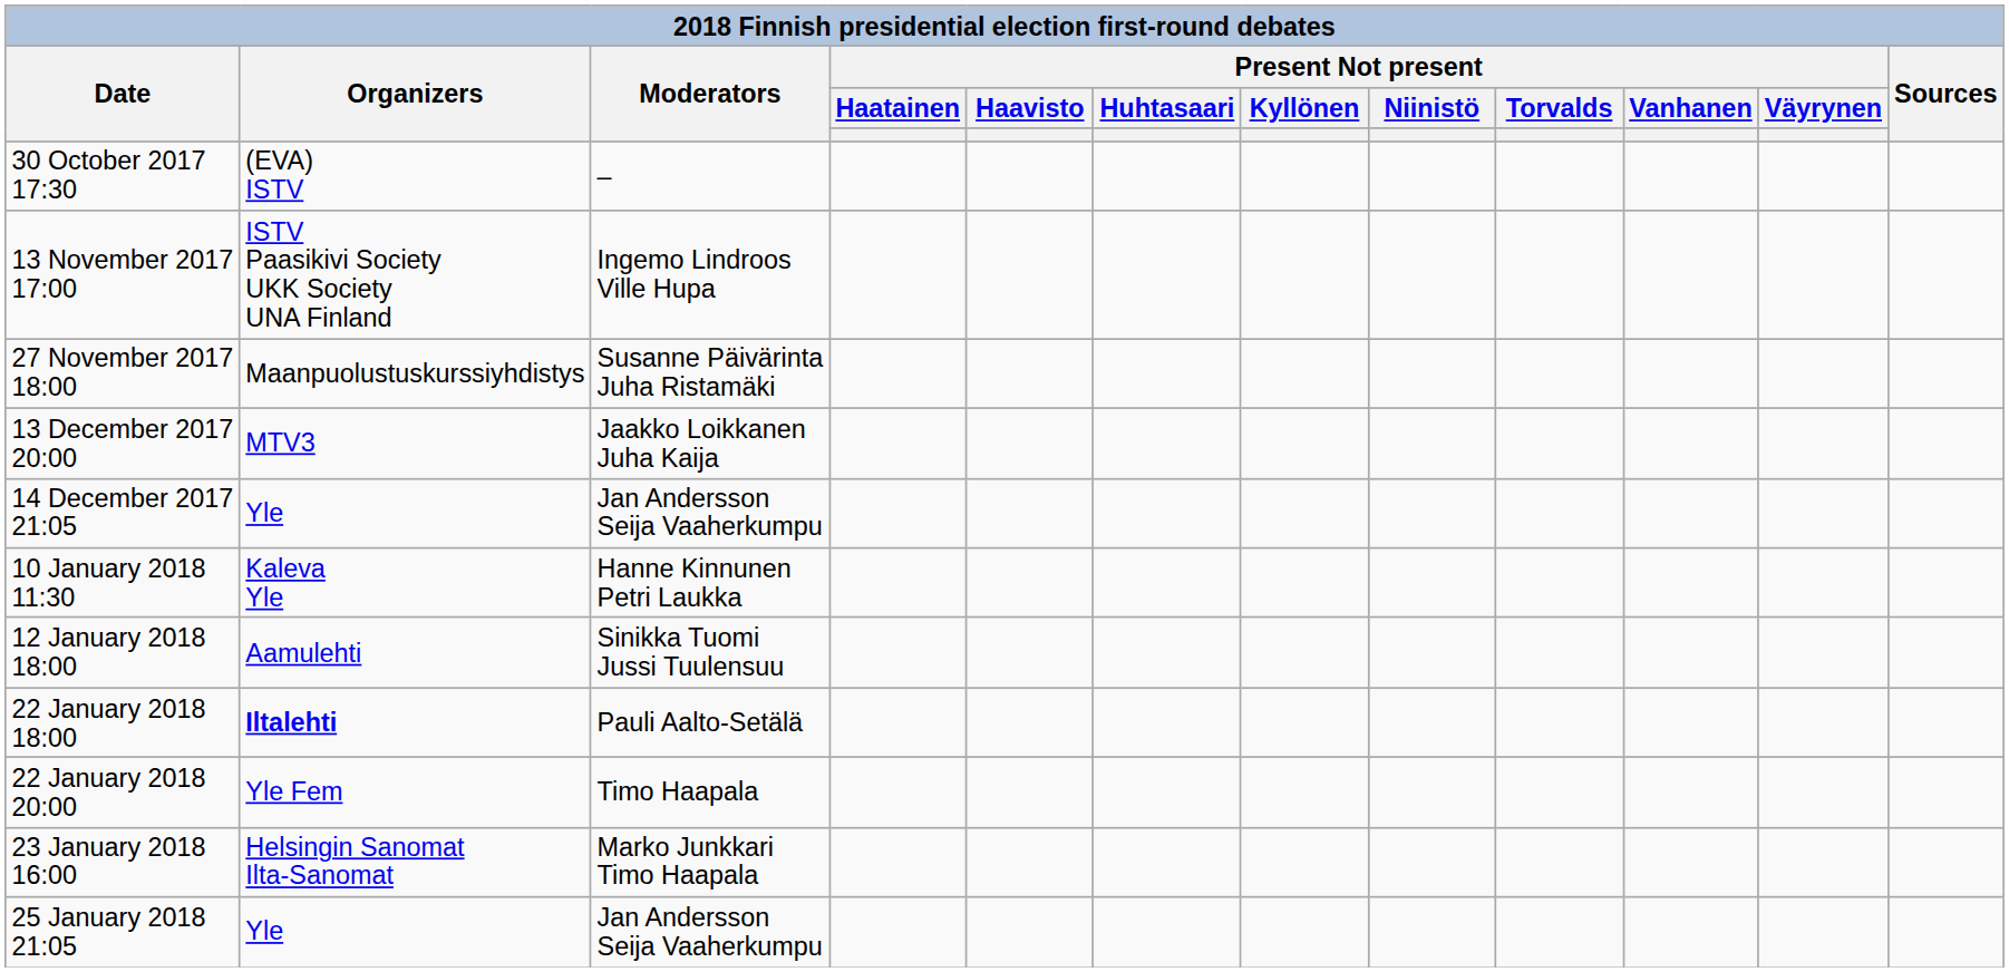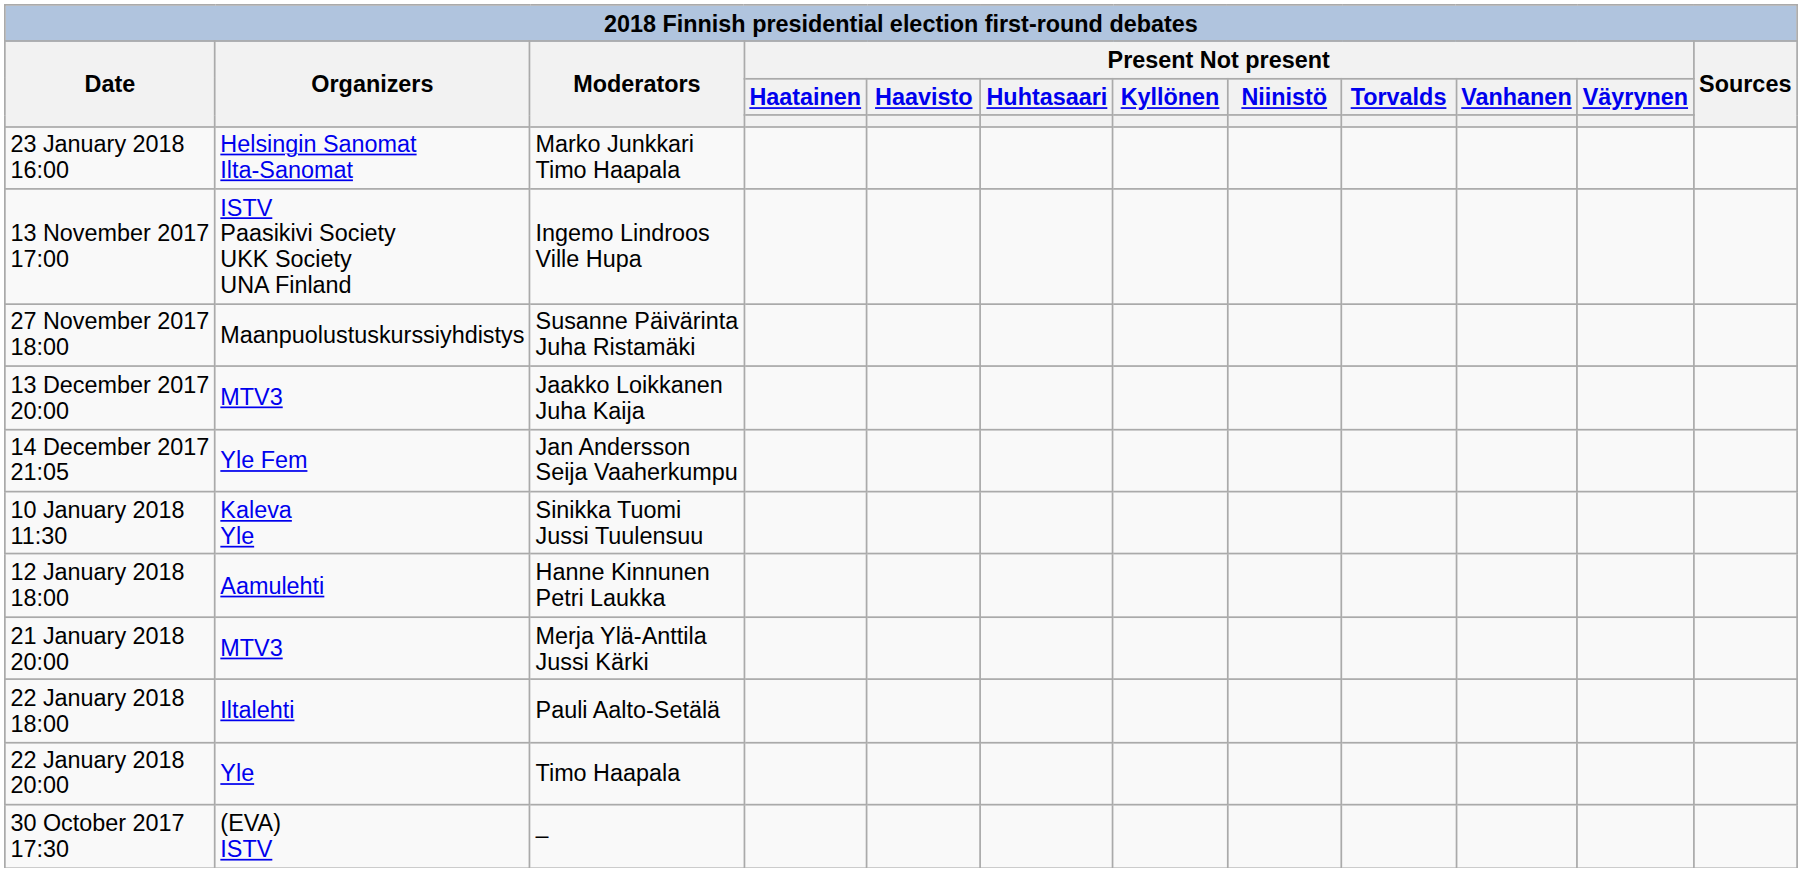 <table class="wikitable collapsible" style="font-size:85%;text-align:center;">
 <tr>
 <th style="background:#B0C4DE;" colspan="12">2018 Finnish presidential election first-round debates</th>
 </tr>
 <tr>
 <th style="white-space:nowrap;" rowspan="3">Date</th>
 <th rowspan="3">Organizers</th>
 <th rowspan="3">Moderators</th>
 <th scope="col" colspan="8"> Present  Not present</th>
 <th rowspan="3">Sources</th>
 </tr>
 <tr>
 <th scope="col" style="width:60px;"><a href='#'>Haatainen</a></th>
 <th scope="col" style="width:60px;"><a href='#'>Haavisto</a></th>
 <th scope="col" style="width:60px;"><a href='#'>Huhtasaari</a></th>
 <th scope="col" style="width:60px;"><a href='#'>Kyllönen</a></th>
 <th scope="col" style="width:60px;"><a href='#'>Niinistö</a></th>
 <th scope="col" style="width:60px;"><a href='#'>Torvalds</a></th>
 <th scope="col" style="width:60px;"><a href='#'>Vanhanen</a></th>
 <th scope="col" style="width:60px;"><a href='#'>Väyrynen</a></th>
 </tr>
 <tr>
 <th style="background:"></th>
 <th style="background:"></th>
 <th style="background:"></th>
 <th style="background:"></th>
 <th style="background:"></th>
 <th style="background:"></th>
 <th style="background:"></th>
 <th style="background:"></th>
 </tr>
 <tr>
-<td style="white-space:nowrap;text-align:left;">30 October 2017<br>17:30</td>
-<td style="white-space:nowrap;text-align:left;"> (EVA)<br><a href='#'>ISTV</a></td>
-<td style="white-space:nowrap;text-align:left;">–</td>
+<td style="white-space:nowrap;text-align:left;">23 January 2018<br>16:00</td>
+<td style="white-space:nowrap;text-align:left;"><a href='#'>Helsingin Sanomat</a><br><a href='#'>Ilta-Sanomat</a></td>
+<td style="white-space:nowrap;text-align:left;">Marko Junkkari<br>Timo Haapala</td>
 <td></td>
 <td></td>
 <td></td>
 <td></td>
 <td></td>
 <td></td>
 <td></td>
 <td></td>
 <td></td>
 </tr>
 <tr>
 <td style="white-space:nowrap;text-align:left;">13 November 2017<br>17:00</td>
 <td style="white-space:nowrap;text-align:left;"><a href='#'>ISTV</a><br>Paasikivi Society<br>UKK Society<br>UNA Finland</td>
 <td style="white-space:nowrap;text-align:left;">Ingemo Lindroos<br>Ville Hupa</td>
 <td></td>
 <td></td>
 <td></td>
 <td></td>
 <td></td>
 <td></td>
 <td></td>
 <td></td>
 <td></td>
 </tr>
 <tr>
 <td style="white-space:nowrap;text-align:left;">27 November 2017<br>18:00</td>
 <td style="white-space:nowrap;text-align:left;">Maanpuolustuskurssiyhdistys</td>
 <td style="white-space:nowrap;text-align:left;">Susanne Päivärinta<br>Juha Ristamäki</td>
 <td></td>
 <td></td>
 <td></td>
 <td></td>
 <td></td>
 <td></td>
 <td></td>
 <td></td>
 <td></td>
 </tr>
 <tr>
 <td style="white-space:nowrap;text-align:left;">13 December 2017<br>20:00</td>
 <td style="white-space:nowrap;text-align:left;"><a href='#'>MTV3</a></td>
 <td style="white-space:nowrap;text-align:left;">Jaakko Loikkanen <br> Juha Kaija</td>
 <td></td>
 <td></td>
 <td></td>
 <td></td>
 <td></td>
 <td></td>
 <td></td>
 <td></td>
 <td></td>
 </tr>
 <tr>
 <td style="white-space:nowrap;text-align:left;">14 December 2017<br>21:05</td>
-<td style="white-space:nowrap;text-align:left;"><a href='#'>Yle</a></td>
+<td style="white-space:nowrap;text-align:left;"><a href='#'>Yle Fem</a></td>
 <td style="white-space:nowrap;text-align:left;">Jan Andersson<br>Seija Vaaherkumpu</td>
 <td></td>
 <td></td>
 <td></td>
 <td></td>
 <td></td>
 <td></td>
 <td></td>
 <td></td>
 <td></td>
 </tr>
 <tr>
 <td style="white-space:nowrap;text-align:left;">10 January 2018<br>11:30</td>
 <td style="white-space:nowrap;text-align:left;"><a href='#'>Kaleva</a><br><a href='#'>Yle</a></td>
-<td style="white-space:nowrap;text-align:left;">Hanne Kinnunen <br> Petri Laukka</td>
+<td style="white-space:nowrap;text-align:left;">Sinikka Tuomi<br>Jussi Tuulensuu</td>
 <td></td>
 <td></td>
 <td></td>
 <td></td>
 <td></td>
 <td></td>
 <td></td>
 <td></td>
 <td></td>
 </tr>
 <tr>
 <td style="white-space:nowrap;text-align:left;">12 January 2018<br>18:00</td>
 <td style="white-space:nowrap;text-align:left;"><a href='#'>Aamulehti</a></td>
-<td style="white-space:nowrap;text-align:left;">Sinikka Tuomi<br>Jussi Tuulensuu</td>
+<td style="white-space:nowrap;text-align:left;">Hanne Kinnunen <br> Petri Laukka</td>
+<td></td>
+<td></td>
+<td></td>
+<td></td>
+<td></td>
+<td></td>
+<td></td>
+<td></td>
+<td></td>
+</tr>
+<tr>
+<td style="white-space:nowrap;text-align:left;">21 January 2018<br>20:00</td>
+<td style="white-space:nowrap;text-align:left;"><a href='#'>MTV3</a></td>
+<td style="white-space:nowrap;text-align:left;">Merja Ylä-Anttila<br>Jussi Kärki</td>
 <td></td>
 <td></td>
 <td></td>
 <td></td>
 <td></td>
 <td></td>
 <td></td>
 <td></td>
 <td></td>
 </tr>
 <tr>
 <td style="white-space:nowrap;text-align:left;">22 January 2018<br>18:00</td>
-<td style="white-space:nowrap;text-align:left;"><strong><a href='#'>Iltalehti</a></strong></td>
+<td style="white-space:nowrap;text-align:left;"><a href='#'>Iltalehti</a></td>
 <td style="white-space:nowrap;text-align:left;">Pauli Aalto-Setälä</td>
 <td></td>
 <td></td>
 <td></td>
 <td></td>
 <td></td>
 <td></td>
 <td></td>
 <td></td>
 <td></td>
 </tr>
 <tr>
 <td style="white-space:nowrap;text-align:left;">22 January 2018<br>20:00</td>
-<td style="white-space:nowrap;text-align:left;"><a href='#'>Yle Fem</a></td>
+<td style="white-space:nowrap;text-align:left;"><a href='#'>Yle</a></td>
 <td style="white-space:nowrap;text-align:left;">Timo Haapala</td>
 <td></td>
 <td></td>
 <td></td>
 <td></td>
 <td></td>
 <td></td>
 <td></td>
 <td></td>
 <td></td>
 </tr>
 <tr>
-<td style="white-space:nowrap;text-align:left;">23 January 2018<br>16:00</td>
-<td style="white-space:nowrap;text-align:left;"><a href='#'>Helsingin Sanomat</a><br><a href='#'>Ilta-Sanomat</a></td>
-<td style="white-space:nowrap;text-align:left;">Marko Junkkari<br>Timo Haapala</td>
-<td></td>
-<td></td>
-<td></td>
-<td></td>
-<td></td>
-<td></td>
-<td></td>
-<td></td>
-<td></td>
-</tr>
-<tr>
-<td style="white-space:nowrap;text-align:left;">25 January 2018<br>21:05</td>
-<td style="white-space:nowrap;text-align:left;"><a href='#'>Yle</a></td>
-<td style="white-space:nowrap;text-align:left;">Jan Andersson<br>Seija Vaaherkumpu</td>
+<td style="white-space:nowrap;text-align:left;">30 October 2017<br>17:30</td>
+<td style="white-space:nowrap;text-align:left;"> (EVA)<br><a href='#'>ISTV</a></td>
+<td style="white-space:nowrap;text-align:left;">–</td>
 <td></td>
 <td></td>
 <td></td>
 <td></td>
 <td></td>
 <td></td>
 <td></td>
 <td></td>
 <td></td>
 </tr>
 </table>
